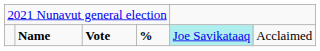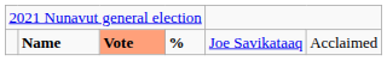 <table class="wikitable">
 <tr>
 <td colspan=4 align=center><a href='#'>2021 Nunavut general election</a></td>
 </tr>
 <tr>
 <td></td>
 <td><strong>Name</strong></td>
-<td><strong>Vote</strong></td>
+<td style="background: lightsalmon;"><strong>Vote</strong></td>
 <td><strong>%</strong><br></td>
-<td style="background: paleturquoise;"><a href='#'>Joe Savikataaq</a></td>
+<td><a href='#'>Joe Savikataaq</a></td>
 <td colspan="2">Acclaimed</td>
 </tr>
 </table>
